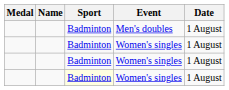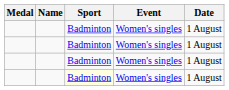 <table class="wikitable sortable" style="font-size: 95%;">
 <tr>
 <th>Medal</th>
 <th>Name</th>
 <th>Sport</th>
 <th>Event</th>
 <th>Date</th>
 </tr>
 <tr>
 <td></td>
 <td><br></td>
 <td> <a href='#'>Badminton</a></td>
-<td><a href='#'>Men's doubles</a></td>
+<td><a href='#'>Women's singles</a></td>
 <td>1 August</td>
 </tr>
 <tr>
 <td></td>
 <td></td>
 <td> <a href='#'>Badminton</a></td>
 <td><a href='#'>Women's singles</a></td>
 <td>1 August</td>
 </tr>
 <tr>
 <td></td>
 <td></td>
 <td> <a href='#'>Badminton</a></td>
 <td><a href='#'>Women's singles</a></td>
 <td>1 August</td>
 </tr>
 <tr>
 <td></td>
 <td><br></td>
 <td style="background: lightyellow;"> <a href='#'>Badminton</a></td>
 <td><a href='#'>Women's singles</a></td>
 <td>1 August</td>
 </tr>
 </table>
